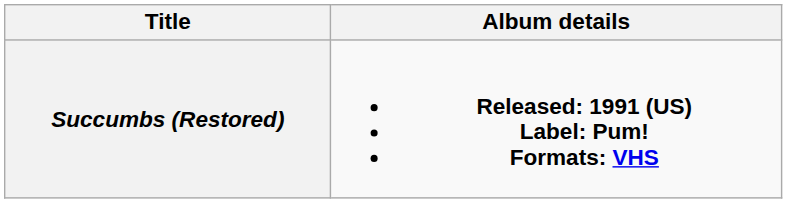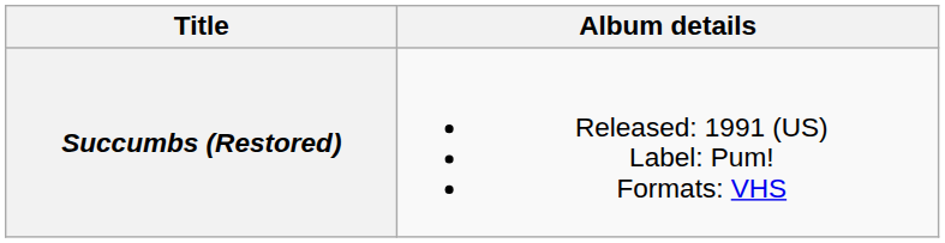 <table class="wikitable plainrowheaders" style="text-align:center;">
 <tr>
 <th scope="col" rowspan="1" style="width:14em;">Title</th>
 <th scope="col" rowspan="1" style="width:19.5em;">Album details</th>
 </tr>
 <tr>
 <th scope="row"><em>Succumbs (Restored)</em></th>
-<td><strong><br><ul><li>Released: 1991 <span>(US)</span></li><li>Label: Pum!</li><li>Formats: <a href='#'>VHS</a></li></ul></strong></td>
+<td><br><ul><li>Released: 1991 <span>(US)</span></li><li>Label: Pum!</li><li>Formats: <a href='#'>VHS</a></li></ul></td>
 </tr>
 </table>
